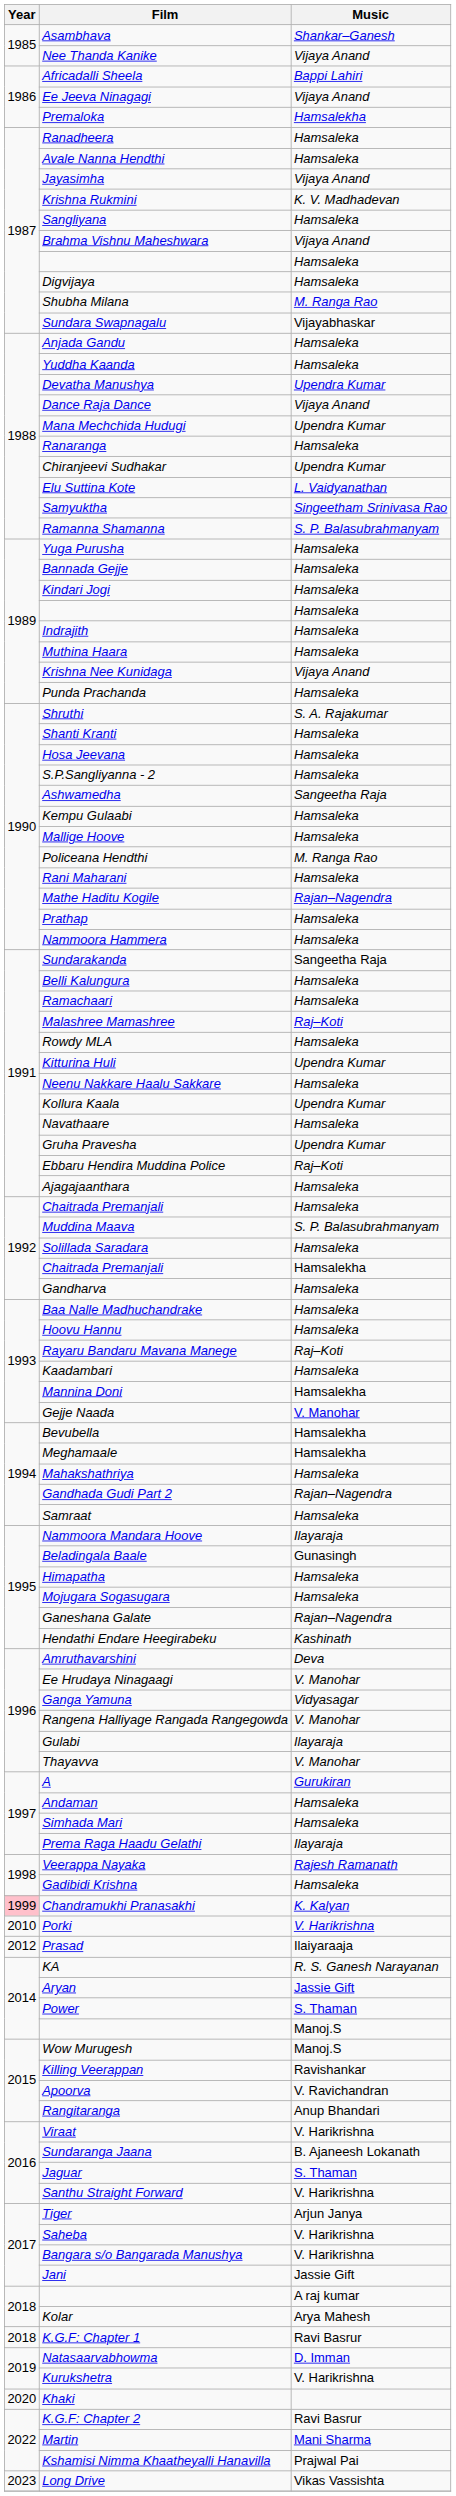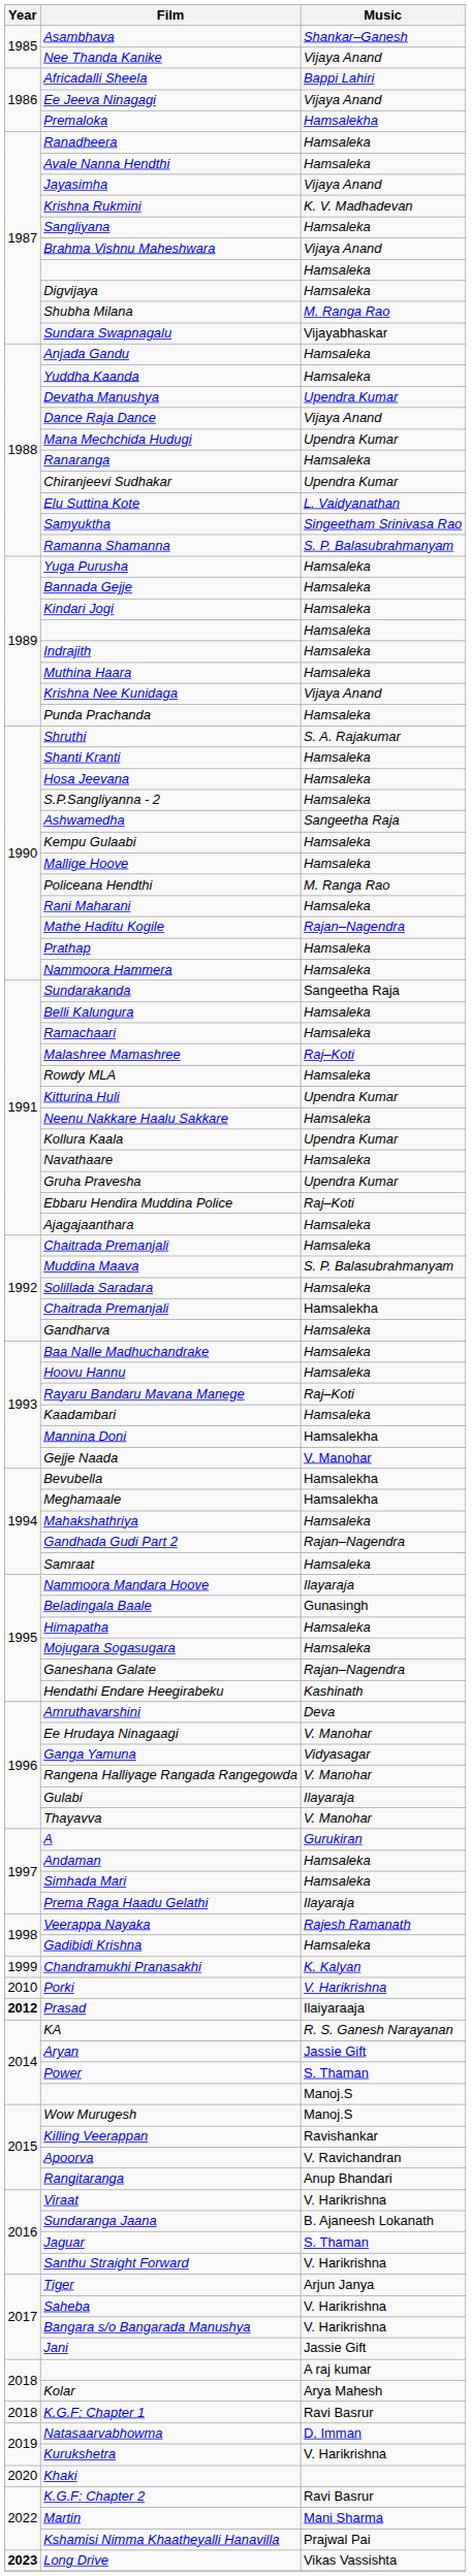 <table class="wikitable sortable">
 <tr>
 <th>Year</th>
 <th>Film</th>
 <th>Music</th>
 </tr>
 <tr>
 <td rowspan="2">1985</td>
 <td><em><a href='#'>Asambhava</a></em></td>
 <td><em><a href='#'>Shankar–Ganesh</a></em></td>
 </tr>
 <tr>
 <td><em><a href='#'>Nee Thanda Kanike</a></em></td>
 <td><em>Vijaya Anand</em></td>
 </tr>
 <tr>
 <td rowspan="3">1986</td>
 <td><em><a href='#'>Africadalli Sheela</a></em></td>
 <td><em><a href='#'>Bappi Lahiri</a></em></td>
 </tr>
 <tr>
 <td><em><a href='#'>Ee Jeeva Ninagagi</a></em></td>
 <td><em>Vijaya Anand</em></td>
 </tr>
 <tr>
 <td><em><a href='#'>Premaloka</a></em></td>
 <td><em><a href='#'>Hamsalekha</a></em></td>
 </tr>
 <tr>
 <td rowspan="10">1987</td>
 <td><em><a href='#'>Ranadheera</a></em></td>
 <td><em>Hamsaleka</em></td>
 </tr>
 <tr>
 <td><em><a href='#'>Avale Nanna Hendthi</a></em></td>
 <td><em>Hamsaleka</em></td>
 </tr>
 <tr>
 <td><em><a href='#'>Jayasimha</a></em></td>
 <td><em>Vijaya Anand</em></td>
 </tr>
 <tr>
 <td><em><a href='#'>Krishna Rukmini</a></em></td>
 <td><em>K. V. Madhadevan</em></td>
 </tr>
 <tr>
 <td><em><a href='#'>Sangliyana</a></em></td>
 <td><em>Hamsaleka</em></td>
 </tr>
 <tr>
 <td><em><a href='#'>Brahma Vishnu Maheshwara</a></em></td>
 <td><em>Vijaya Anand</em></td>
 </tr>
 <tr>
 <td><em></em></td>
 <td><em>Hamsaleka</em></td>
 </tr>
 <tr>
 <td><em>Digvijaya</em></td>
 <td><em>Hamsaleka</em></td>
 </tr>
 <tr>
 <td><em>Shubha Milana</em></td>
 <td><em><a href='#'>M. Ranga Rao</a></em></td>
 </tr>
 <tr>
 <td><em><a href='#'>Sundara Swapnagalu</a></em></td>
 <td>Vijayabhaskar</td>
 </tr>
 <tr>
 <td rowspan="10">1988</td>
 <td><em><a href='#'>Anjada Gandu</a></em></td>
 <td><em>Hamsaleka</em></td>
 </tr>
 <tr>
 <td><em><a href='#'>Yuddha Kaanda</a></em></td>
 <td><em>Hamsaleka</em></td>
 </tr>
 <tr>
 <td><em><a href='#'>Devatha Manushya</a></em></td>
 <td><em><a href='#'>Upendra Kumar</a></em></td>
 </tr>
 <tr>
 <td><em><a href='#'>Dance Raja Dance</a></em></td>
 <td><em>Vijaya Anand</em></td>
 </tr>
 <tr>
 <td><em><a href='#'>Mana Mechchida Hudugi</a></em></td>
 <td><em>Upendra Kumar</em></td>
 </tr>
 <tr>
 <td><em><a href='#'>Ranaranga</a></em></td>
 <td><em>Hamsaleka</em></td>
 </tr>
 <tr>
 <td><em>Chiranjeevi Sudhakar</em></td>
 <td><em>Upendra Kumar</em></td>
 </tr>
 <tr>
 <td><em><a href='#'>Elu Suttina Kote</a></em></td>
 <td><em><a href='#'>L. Vaidyanathan</a></em></td>
 </tr>
 <tr>
 <td><em><a href='#'>Samyuktha</a></em></td>
 <td><em><a href='#'>Singeetham Srinivasa Rao</a></em></td>
 </tr>
 <tr>
 <td><em><a href='#'>Ramanna Shamanna</a></em></td>
 <td><em><a href='#'>S. P. Balasubrahmanyam</a></em></td>
 </tr>
 <tr>
 <td rowspan="8">1989</td>
 <td><em><a href='#'>Yuga Purusha</a></em></td>
 <td><em>Hamsaleka</em></td>
 </tr>
 <tr>
 <td><em><a href='#'>Bannada Gejje</a></em></td>
 <td><em>Hamsaleka</em></td>
 </tr>
 <tr>
 <td><em><a href='#'>Kindari Jogi</a></em></td>
 <td><em>Hamsaleka</em></td>
 </tr>
 <tr>
 <td><em></em></td>
 <td><em>Hamsaleka</em></td>
 </tr>
 <tr>
 <td><em><a href='#'>Indrajith</a></em></td>
 <td><em>Hamsaleka</em></td>
 </tr>
 <tr>
 <td><em><a href='#'>Muthina Haara</a></em></td>
 <td><em>Hamsaleka</em></td>
 </tr>
 <tr>
 <td><em><a href='#'>Krishna Nee Kunidaga</a></em></td>
 <td><em>Vijaya Anand</em></td>
 </tr>
 <tr>
 <td><em>Punda Prachanda</em></td>
 <td><em>Hamsaleka</em></td>
 </tr>
 <tr>
 <td rowspan="12">1990</td>
 <td><em><a href='#'>Shruthi</a></em></td>
 <td><em>S. A. Rajakumar</em></td>
 </tr>
 <tr>
 <td><em><a href='#'>Shanti Kranti</a></em></td>
 <td><em>Hamsaleka</em></td>
 </tr>
 <tr>
 <td><em><a href='#'>Hosa Jeevana</a></em></td>
 <td><em>Hamsaleka</em></td>
 </tr>
 <tr>
 <td><em>S.P.Sangliyanna - 2 </em></td>
 <td><em>Hamsaleka</em></td>
 </tr>
 <tr>
 <td><em><a href='#'>Ashwamedha</a></em></td>
 <td><em>Sangeetha Raja</em></td>
 </tr>
 <tr>
 <td><em>Kempu Gulaabi </em></td>
 <td><em>Hamsaleka</em></td>
 </tr>
 <tr>
 <td><em><a href='#'>Mallige Hoove</a></em></td>
 <td><em>Hamsaleka</em></td>
 </tr>
 <tr>
 <td><em>Policeana Hendthi </em></td>
 <td><em>M. Ranga Rao</em></td>
 </tr>
 <tr>
 <td><em><a href='#'>Rani Maharani</a></em></td>
 <td><em>Hamsaleka</em></td>
 </tr>
 <tr>
 <td><em><a href='#'>Mathe Haditu Kogile</a></em></td>
 <td><em><a href='#'>Rajan–Nagendra</a></em></td>
 </tr>
 <tr>
 <td><em><a href='#'>Prathap</a></em></td>
 <td><em>Hamsaleka</em></td>
 </tr>
 <tr>
 <td><em><a href='#'>Nammoora Hammera</a></em></td>
 <td><em>Hamsaleka</em></td>
 </tr>
 <tr>
 <td rowspan="12">1991</td>
 <td><em><a href='#'>Sundarakanda</a></em></td>
 <td>Sangeetha Raja</td>
 </tr>
 <tr>
 <td><em><a href='#'>Belli Kalungura</a></em></td>
 <td><em>Hamsaleka</em></td>
 </tr>
 <tr>
 <td><em><a href='#'>Ramachaari</a></em></td>
 <td><em>Hamsaleka</em></td>
 </tr>
 <tr>
 <td><em><a href='#'>Malashree Mamashree</a></em></td>
 <td><em><a href='#'>Raj–Koti</a></em></td>
 </tr>
 <tr>
 <td><em>Rowdy MLA</em></td>
 <td><em>Hamsaleka</em></td>
 </tr>
 <tr>
 <td><em><a href='#'>Kitturina Huli</a></em></td>
 <td><em>Upendra Kumar</em></td>
 </tr>
 <tr>
 <td><em><a href='#'>Neenu Nakkare Haalu Sakkare</a></em></td>
 <td><em>Hamsaleka</em></td>
 </tr>
 <tr>
 <td><em>Kollura Kaala</em></td>
 <td><em>Upendra Kumar</em></td>
 </tr>
 <tr>
 <td><em>Navathaare</em></td>
 <td><em>Hamsaleka</em></td>
 </tr>
 <tr>
 <td><em>Gruha Pravesha</em></td>
 <td><em>Upendra Kumar</em></td>
 </tr>
 <tr>
 <td><em>Ebbaru Hendira Muddina Police</em></td>
 <td><em>Raj–Koti</em></td>
 </tr>
 <tr>
 <td><em>Ajagajaanthara</em></td>
 <td><em>Hamsaleka</em></td>
 </tr>
 <tr>
 <td rowspan="5">1992</td>
 <td><em><a href='#'>Chaitrada Premanjali</a></em></td>
 <td><em>Hamsaleka</em></td>
 </tr>
 <tr>
 <td><em><a href='#'>Muddina Maava</a></em></td>
 <td><em>S. P. Balasubrahmanyam</em></td>
 </tr>
 <tr>
 <td><em><a href='#'>Solillada Saradara</a></em></td>
 <td><em>Hamsaleka</em></td>
 </tr>
 <tr>
 <td><em><a href='#'>Chaitrada Premanjali</a></em></td>
 <td>Hamsalekha</td>
 </tr>
 <tr>
 <td><em>Gandharva</em></td>
 <td><em>Hamsaleka</em></td>
 </tr>
 <tr>
 <td rowspan="6">1993</td>
 <td><em><a href='#'>Baa Nalle Madhuchandrake</a></em></td>
 <td><em>Hamsaleka</em></td>
 </tr>
 <tr>
 <td><em><a href='#'>Hoovu Hannu</a></em></td>
 <td><em>Hamsaleka</em></td>
 </tr>
 <tr>
 <td><em><a href='#'>Rayaru Bandaru Mavana Manege</a></em></td>
 <td><em>Raj–Koti</em></td>
 </tr>
 <tr>
 <td><em>Kaadambari</em></td>
 <td><em>Hamsaleka</em></td>
 </tr>
 <tr>
 <td><em><a href='#'>Mannina Doni</a></em></td>
 <td>Hamsalekha</td>
 </tr>
 <tr>
 <td><em>Gejje Naada</em></td>
 <td><a href='#'>V. Manohar</a></td>
 </tr>
 <tr>
 <td rowspan="5">1994</td>
 <td><em>Bevubella</em></td>
 <td>Hamsalekha</td>
 </tr>
 <tr>
 <td><em>Meghamaale</em></td>
 <td>Hamsalekha</td>
 </tr>
 <tr>
 <td><em><a href='#'>Mahakshathriya</a></em></td>
 <td><em>Hamsaleka</em></td>
 </tr>
 <tr>
 <td><em><a href='#'>Gandhada Gudi Part 2</a></em></td>
 <td><em>Rajan–Nagendra</em></td>
 </tr>
 <tr>
 <td><em>Samraat</em></td>
 <td><em>Hamsaleka</em></td>
 </tr>
 <tr>
 <td rowspan="6">1995</td>
 <td><em><a href='#'>Nammoora Mandara Hoove</a></em></td>
 <td><em>Ilayaraja</em></td>
 </tr>
 <tr>
 <td><em><a href='#'>Beladingala Baale</a></em></td>
 <td>Gunasingh</td>
 </tr>
 <tr>
 <td><em><a href='#'>Himapatha</a></em></td>
 <td><em>Hamsaleka</em></td>
 </tr>
 <tr>
 <td><em><a href='#'>Mojugara Sogasugara</a></em></td>
 <td><em>Hamsaleka</em></td>
 </tr>
 <tr>
 <td><em>Ganeshana Galate</em></td>
 <td><em>Rajan–Nagendra</em></td>
 </tr>
 <tr>
 <td><em>Hendathi Endare Heegirabeku</em></td>
 <td><em>Kashinath</em></td>
 </tr>
 <tr>
 <td rowspan="6">1996</td>
 <td><em><a href='#'>Amruthavarshini</a></em></td>
 <td><em>Deva</em></td>
 </tr>
 <tr>
 <td><em>Ee Hrudaya Ninagaagi</em></td>
 <td><em>V. Manohar</em></td>
 </tr>
 <tr>
 <td><em><a href='#'>Ganga Yamuna</a></em></td>
 <td><em>Vidyasagar</em></td>
 </tr>
 <tr>
 <td><em>Rangena Halliyage Rangada Rangegowda</em></td>
 <td><em>V. Manohar</em></td>
 </tr>
 <tr>
 <td><em>Gulabi</em></td>
 <td><em>Ilayaraja</em></td>
 </tr>
 <tr>
 <td><em>Thayavva</em></td>
 <td><em>V. Manohar</em></td>
 </tr>
 <tr>
 <td rowspan="4">1997</td>
 <td><em><a href='#'>A</a></em></td>
 <td><em><a href='#'>Gurukiran</a></em></td>
 </tr>
 <tr>
 <td><em><a href='#'>Andaman</a></em></td>
 <td><em>Hamsaleka</em></td>
 </tr>
 <tr>
 <td><em><a href='#'>Simhada Mari</a></em></td>
 <td><em>Hamsaleka</em></td>
 </tr>
 <tr>
 <td><em><a href='#'>Prema Raga Haadu Gelathi</a></em></td>
 <td><em>Ilayaraja</em></td>
 </tr>
 <tr>
 <td rowspan="2">1998</td>
 <td><em><a href='#'>Veerappa Nayaka</a></em></td>
 <td><em><a href='#'>Rajesh Ramanath</a></em></td>
 </tr>
 <tr>
 <td><em><a href='#'>Gadibidi Krishna</a></em></td>
 <td><em>Hamsaleka</em></td>
 </tr>
 <tr>
-<td style="background: pink;">1999</td>
+<td>1999</td>
 <td><em><a href='#'>Chandramukhi Pranasakhi</a></em></td>
 <td><em><a href='#'>K. Kalyan</a></em></td>
 </tr>
 <tr>
 <td>2010</td>
 <td><em><a href='#'>Porki</a></em></td>
 <td><em><a href='#'>V. Harikrishna</a></em></td>
 </tr>
 <tr>
-<td>2012</td>
+<td><strong>2012</strong></td>
 <td><em><a href='#'>Prasad</a></em></td>
 <td>Ilaiyaraaja</td>
 </tr>
 <tr>
 <td rowspan="4">2014</td>
 <td><em>KA</em></td>
 <td><em>R. S. Ganesh Narayanan</em></td>
 </tr>
 <tr>
 <td><em><a href='#'>Aryan</a></em></td>
 <td><a href='#'>Jassie Gift</a></td>
 </tr>
 <tr>
 <td><em><a href='#'>Power</a></em></td>
 <td><a href='#'>S. Thaman</a></td>
 </tr>
 <tr>
 <td><em></em></td>
 <td>Manoj.S</td>
 </tr>
 <tr>
 <td rowspan="4">2015</td>
 <td><em>Wow Murugesh</em></td>
 <td>Manoj.S</td>
 </tr>
 <tr>
 <td><em><a href='#'>Killing Veerappan</a></em></td>
 <td>Ravishankar</td>
 </tr>
 <tr>
 <td><em><a href='#'>Apoorva</a></em></td>
 <td>V. Ravichandran</td>
 </tr>
 <tr>
 <td><em><a href='#'>Rangitaranga</a></em></td>
 <td>Anup Bhandari</td>
 </tr>
 <tr>
 <td rowspan="4">2016</td>
 <td><em><a href='#'>Viraat</a></em></td>
 <td>V. Harikrishna</td>
 </tr>
 <tr>
 <td><em><a href='#'>Sundaranga Jaana</a></em></td>
 <td>B. Ajaneesh Lokanath</td>
 </tr>
 <tr>
 <td><em><a href='#'>Jaguar</a></em></td>
 <td><a href='#'>S. Thaman</a></td>
 </tr>
 <tr>
 <td><em><a href='#'>Santhu Straight Forward</a></em></td>
 <td>V. Harikrishna</td>
 </tr>
 <tr>
 <td rowspan="4">2017</td>
 <td><em><a href='#'>Tiger</a></em></td>
 <td>Arjun Janya</td>
 </tr>
 <tr>
 <td><em><a href='#'>Saheba</a></em></td>
 <td>V. Harikrishna</td>
 </tr>
 <tr>
 <td><em><a href='#'>Bangara s/o Bangarada Manushya</a></em></td>
 <td>V. Harikrishna</td>
 </tr>
 <tr>
 <td><em><a href='#'>Jani</a></em></td>
 <td>Jassie Gift</td>
 </tr>
 <tr>
 <td rowspan="2">2018</td>
 <td><em></em></td>
 <td>A raj kumar</td>
 </tr>
 <tr>
 <td><em>Kolar</em></td>
 <td>Arya Mahesh</td>
 </tr>
 <tr>
 <td>2018</td>
 <td><em><a href='#'>K.G.F: Chapter 1</a></em></td>
 <td>Ravi Basrur</td>
 </tr>
 <tr>
 <td rowspan="2">2019</td>
 <td><em><a href='#'>Natasaarvabhowma</a></em></td>
 <td><a href='#'>D. Imman</a></td>
 </tr>
 <tr>
 <td><em><a href='#'>Kurukshetra</a></em></td>
 <td>V. Harikrishna</td>
 </tr>
 <tr>
 <td>2020</td>
 <td><em><a href='#'>Khaki</a></em></td>
 <td></td>
 </tr>
 <tr>
 <td rowspan="3">2022</td>
 <td><em><a href='#'>K.G.F: Chapter 2</a></em></td>
 <td>Ravi Basrur</td>
 </tr>
 <tr>
 <td><em><a href='#'>Martin</a></em></td>
 <td><a href='#'>Mani Sharma</a></td>
 </tr>
 <tr>
 <td><em><a href='#'>Kshamisi Nimma Khaatheyalli Hanavilla</a></em></td>
 <td>Prajwal Pai</td>
 </tr>
 <tr>
-<td>2023</td>
+<td><strong>2023</strong></td>
 <td><em><a href='#'>Long Drive</a></em></td>
 <td>Vikas Vassishta</td>
 </tr>
 <tr>
 </tr>
 </table>
